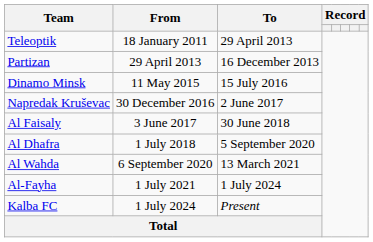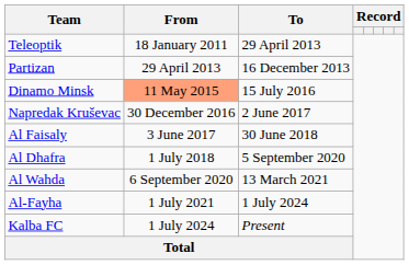 <table class=wikitable style="text-align: center">
 <tr>
 <th rowspan=2>Team</th>
 <th rowspan=2>From</th>
 <th rowspan=2>To</th>
 <th colspan=5>Record</th>
 </tr>
 <tr>
 <th></th>
 <th></th>
 <th></th>
 <th></th>
 <th></th>
 </tr>
 <tr>
 <td align=left><a href='#'>Teleoptik</a></td>
 <td alaign=left>18 January 2011</td>
 <td align=left>29 April 2013<br></td>
 </tr>
 <tr>
 <td align=left><a href='#'>Partizan</a></td>
 <td alaign=left>29 April 2013</td>
 <td align=left>16 December 2013<br></td>
 </tr>
 <tr>
 <td align=left><a href='#'>Dinamo Minsk</a></td>
-<td alaign=left>11 May 2015</td>
+<td alaign=left style="background: lightsalmon;">11 May 2015</td>
 <td align=left>15 July 2016<br></td>
 </tr>
 <tr>
 <td align=left><a href='#'>Napredak Kruševac</a></td>
 <td alaign=left>30 December 2016</td>
 <td align=left>2 June 2017<br></td>
 </tr>
 <tr>
 <td align=left><a href='#'>Al Faisaly</a></td>
 <td alaign=left>3 June 2017</td>
 <td align=left>30 June 2018<br></td>
 </tr>
 <tr>
 <td align=left><a href='#'>Al Dhafra</a></td>
 <td alaign=left>1 July 2018</td>
 <td align=left>5 September 2020<br></td>
 </tr>
 <tr>
 <td align=left><a href='#'>Al Wahda</a></td>
 <td alaign=left>6 September 2020</td>
 <td align=left>13 March 2021<br></td>
 </tr>
 <tr>
 <td align=left><a href='#'>Al-Fayha</a></td>
 <td alaign=left>1 July 2021</td>
 <td align=left>1 July 2024<br></td>
 </tr>
 <tr>
 <td align=left><a href='#'>Kalba FC</a></td>
 <td alaign=left>1 July 2024</td>
 <td align=left><em>Present</em><br></td>
 </tr>
 <tr>
 <th colspan=3>Total<br></th>
 </tr>
 </table>
